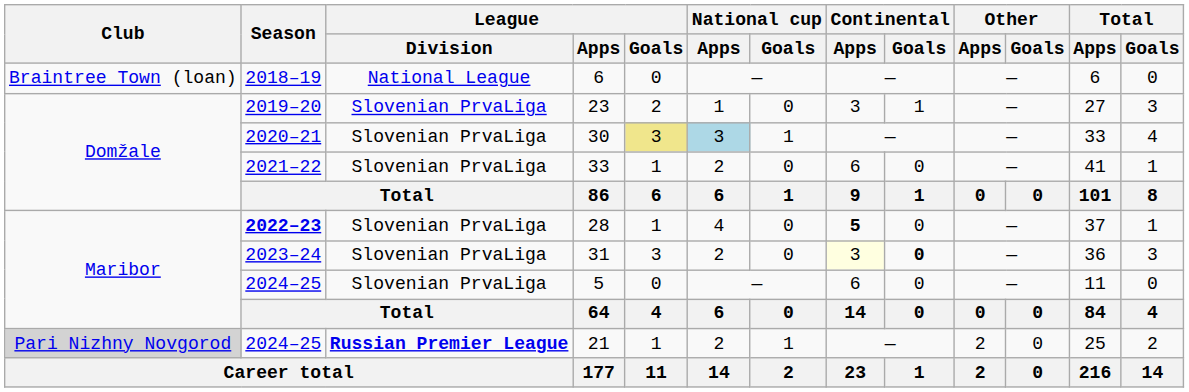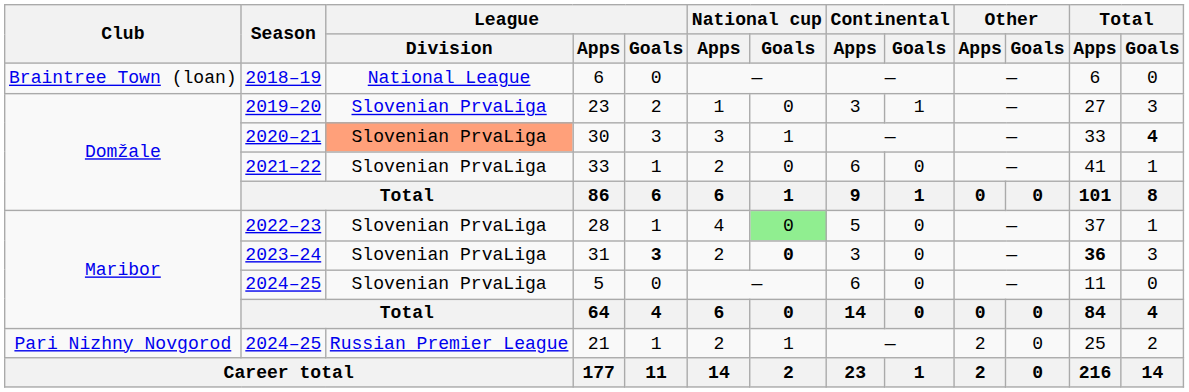 <table class="wikitable" style="text-align: center;">
 <tr>
 <th rowspan=2>Club</th>
 <th rowspan=2>Season</th>
 <th colspan=3>League</th>
 <th colspan=2>National cup</th>
 <th colspan=2>Continental</th>
 <th colspan=2>Other</th>
 <th colspan=2>Total</th>
 </tr>
 <tr>
 <th>Division</th>
 <th>Apps</th>
 <th>Goals</th>
 <th>Apps</th>
 <th>Goals</th>
 <th>Apps</th>
 <th>Goals</th>
 <th>Apps</th>
 <th>Goals</th>
 <th>Apps</th>
 <th>Goals</th>
 </tr>
 <tr>
 <td><a href='#'>Braintree Town</a> (loan)</td>
 <td><a href='#'>2018–19</a></td>
 <td><a href='#'>National League</a></td>
 <td>6</td>
 <td>0</td>
 <td colspan=2>—</td>
 <td colspan=2>—</td>
 <td colspan=2>—</td>
 <td>6</td>
 <td>0</td>
 </tr>
 <tr>
 <td rowspan="4"><a href='#'>Domžale</a></td>
 <td><a href='#'>2019–20</a></td>
 <td><a href='#'>Slovenian PrvaLiga</a></td>
 <td>23</td>
 <td>2</td>
 <td>1</td>
 <td>0</td>
 <td>3</td>
 <td>1</td>
 <td colspan=2>—</td>
 <td>27</td>
 <td>3</td>
 </tr>
 <tr>
 <td><a href='#'>2020–21</a></td>
-<td>Slovenian PrvaLiga</td>
+<td style="background: lightsalmon;">Slovenian PrvaLiga</td>
 <td>30</td>
-<td style="background: khaki;">3</td>
-<td style="background: lightblue;">3</td>
+<td>3</td>
+<td>3</td>
 <td>1</td>
 <td colspan=2>—</td>
 <td colspan=2>—</td>
 <td>33</td>
-<td>4</td>
+<td><strong>4</strong></td>
 </tr>
 <tr>
 <td><a href='#'>2021–22</a></td>
 <td>Slovenian PrvaLiga</td>
 <td>33</td>
 <td>1</td>
 <td>2</td>
 <td>0</td>
 <td>6</td>
 <td>0</td>
 <td colspan=2>—</td>
 <td>41</td>
 <td>1</td>
 </tr>
 <tr>
 <th colspan=2>Total</th>
 <th>86</th>
 <th>6</th>
 <th>6</th>
 <th>1</th>
 <th>9</th>
 <th>1</th>
 <th>0</th>
 <th>0</th>
 <th>101</th>
 <th>8</th>
 </tr>
 <tr>
 <td rowspan="4"><a href='#'>Maribor</a></td>
-<td><strong><a href='#'>2022–23</a></strong></td>
+<td><a href='#'>2022–23</a></td>
 <td>Slovenian PrvaLiga</td>
 <td>28</td>
 <td>1</td>
 <td>4</td>
-<td>0</td>
-<td><strong>5</strong></td>
+<td style="background: lightgreen;">0</td>
+<td>5</td>
 <td>0</td>
 <td colspan=2>—</td>
 <td>37</td>
 <td>1</td>
 </tr>
 <tr>
 <td><a href='#'>2023–24</a></td>
 <td>Slovenian PrvaLiga</td>
 <td>31</td>
+<td><strong>3</strong></td>
+<td>2</td>
+<td><strong>0</strong></td>
 <td>3</td>
-<td>2</td>
 <td>0</td>
-<td style="background: lightyellow;">3</td>
-<td><strong>0</strong></td>
 <td colspan=2>—</td>
-<td>36</td>
+<td><strong>36</strong></td>
 <td>3</td>
 </tr>
 <tr>
 <td><a href='#'>2024–25</a></td>
 <td>Slovenian PrvaLiga</td>
 <td>5</td>
 <td>0</td>
 <td colspan=2>—</td>
 <td>6</td>
 <td>0</td>
 <td colspan=2>—</td>
 <td>11</td>
 <td>0</td>
 </tr>
 <tr>
 <th colspan=2>Total</th>
 <th>64</th>
 <th>4</th>
 <th>6</th>
 <th>0</th>
 <th>14</th>
 <th>0</th>
 <th>0</th>
 <th>0</th>
 <th>84</th>
 <th>4</th>
 </tr>
 <tr>
-<td style="background: lightgrey;"><a href='#'>Pari Nizhny Novgorod</a></td>
+<td><a href='#'>Pari Nizhny Novgorod</a></td>
 <td><a href='#'>2024–25</a></td>
-<td><strong><a href='#'>Russian Premier League</a></strong></td>
+<td><a href='#'>Russian Premier League</a></td>
 <td>21</td>
 <td>1</td>
 <td>2</td>
 <td>1</td>
 <td colspan=2>—</td>
 <td>2</td>
 <td>0</td>
 <td>25</td>
 <td>2</td>
 </tr>
 <tr>
 <th colspan=3>Career total</th>
 <th>177</th>
 <th>11</th>
 <th>14</th>
 <th>2</th>
 <th>23</th>
 <th>1</th>
 <th>2</th>
 <th>0</th>
 <th>216</th>
 <th>14</th>
 </tr>
 </table>
